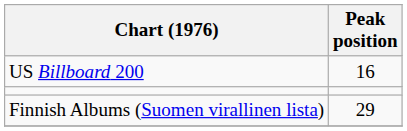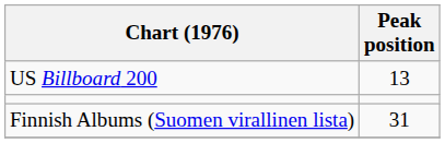 <table class="wikitable sortable plainrowheaders" style="text-align:left;">
 <tr>
 <th scope="col">Chart (1976)</th>
 <th scope="col">Peak<br> position</th>
 </tr>
 <tr>
 <td>US <a href='#'><em>Billboard</em> 200</a></td>
-<td align="center">16</td>
+<td align="center">13</td>
 </tr>
 <tr>
 <td></td>
 </tr>
 <tr>
 <td>Finnish Albums (<a href='#'>Suomen virallinen lista</a>)</td>
-<td align="center">29</td>
+<td align="center">31</td>
 </tr>
 <tr>
 </tr>
 </table>
